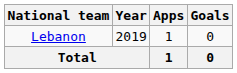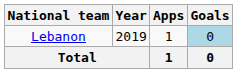 <table class="wikitable" style="text-align:center">
 <tr>
 <th>National team</th>
 <th>Year</th>
 <th>Apps</th>
 <th>Goals</th>
 </tr>
 <tr>
 <td rowspan="1"><a href='#'>Lebanon</a></td>
 <td>2019</td>
 <td>1</td>
-<td>0</td>
+<td style="background: lightblue;">0</td>
 </tr>
 <tr>
 <th colspan="2">Total</th>
 <th>1</th>
 <th>0</th>
 </tr>
 </table>
